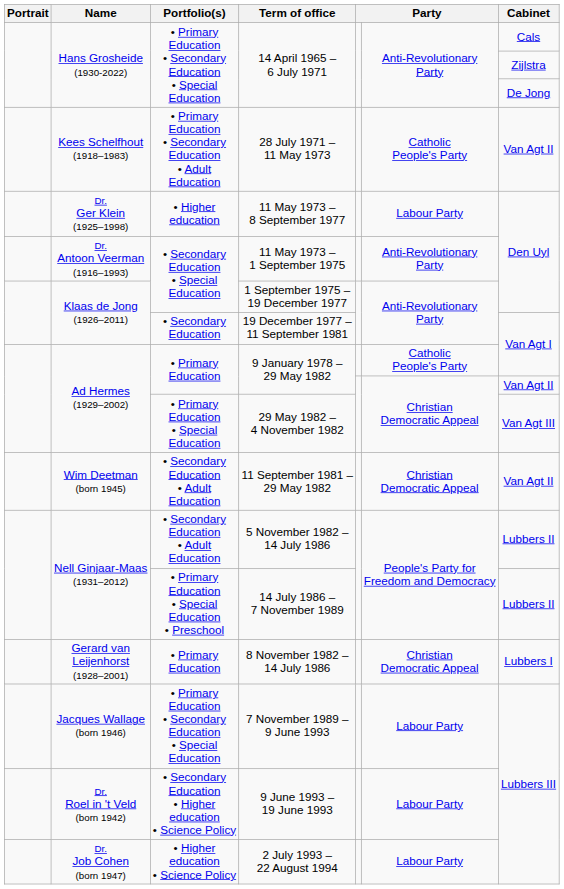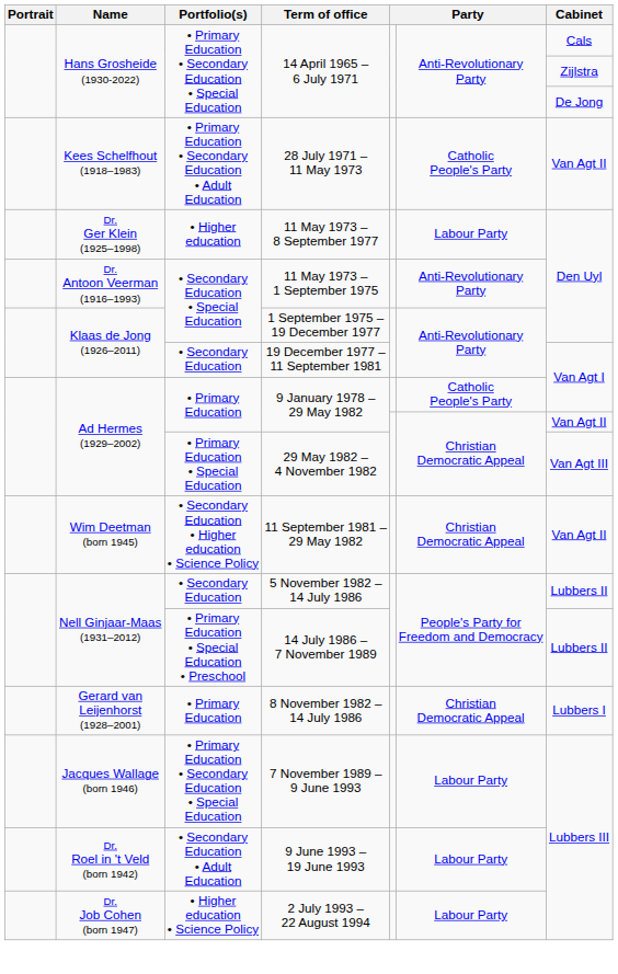 <table class="wikitable" style="text-align:center">
 <tr>
 <th>Portrait</th>
 <th>Name <br> </th>
 <th>Portfolio(s)</th>
 <th>Term of office</th>
 <th colspan=2>Party</th>
 <th>Cabinet</th>
 </tr>
 <tr>
 <td rowspan=3></td>
 <td rowspan=3><a href='#'>Hans Grosheide</a> <br> <small>(1930-2022)</small></td>
 <td rowspan=3>• <a href='#'>Primary <br> Education</a> <br> • <a href='#'>Secondary <br> Education</a> <br> • <a href='#'>Special <br> Education</a></td>
 <td rowspan=3>14 April 1965 – <br> 6 July 1971</td>
 <td rowspan=3 style="background:"></td>
 <td rowspan=3><a href='#'>Anti-Revolutionary <br> Party</a></td>
 <td><a href='#'>Cals</a> <br></td>
 </tr>
 <tr>
 <td><a href='#'>Zijlstra</a> <br></td>
 </tr>
 <tr>
 <td><a href='#'>De Jong</a> <br></td>
 </tr>
 <tr>
 <td></td>
 <td><a href='#'>Kees Schelfhout</a> <br> <small>(1918–1983)</small></td>
 <td>• <a href='#'>Primary <br> Education</a> <br> • <a href='#'>Secondary <br> Education</a> <br> • <a href='#'>Adult <br> Education</a></td>
 <td>28 July 1971 – <br> 11 May 1973</td>
 <td style="background:"></td>
 <td><a href='#'>Catholic <br> People's Party</a></td>
 <td><a href='#'>Van Agt II</a> <br></td>
 </tr>
 <tr>
 <td></td>
 <td><small><a href='#'>Dr.</a></small> <br> <a href='#'>Ger Klein</a> <br> <small>(1925–1998)</small></td>
 <td>• <a href='#'>Higher <br> education</a></td>
 <td>11 May 1973 – <br> 8 September 1977 <br> </td>
 <td style="background:"></td>
 <td><a href='#'>Labour Party</a></td>
 <td rowspan=3><a href='#'>Den Uyl</a> <br></td>
 </tr>
 <tr>
 <td></td>
 <td><small><a href='#'>Dr.</a></small> <br> <a href='#'>Antoon Veerman</a> <br> <small>(1916–1993)</small></td>
 <td rowspan=2>• <a href='#'>Secondary <br> Education</a> <br> • <a href='#'>Special <br> Education</a></td>
 <td>11 May 1973 – <br> 1 September 1975 <br> </td>
 <td style="background:"></td>
 <td><a href='#'>Anti-Revolutionary <br> Party</a></td>
 </tr>
 <tr>
 <td rowspan=2></td>
 <td rowspan=2><a href='#'>Klaas de Jong</a> <br> <small>(1926–2011)</small></td>
 <td>1 September 1975 – <br> 19 December 1977</td>
 <td rowspan=2 style="background:"></td>
 <td rowspan=2><a href='#'>Anti-Revolutionary <br> Party</a></td>
 </tr>
 <tr>
 <td>• <a href='#'>Secondary <br> Education</a></td>
 <td>19 December 1977 – <br> 11 September 1981</td>
 <td rowspan=2><a href='#'>Van Agt I</a> <br></td>
 </tr>
 <tr>
 <td rowspan=3></td>
 <td rowspan=3><a href='#'>Ad Hermes</a> <br> <small>(1929–2002)</small></td>
 <td rowspan=2>• <a href='#'>Primary <br> Education</a></td>
 <td rowspan=2>9 January 1978 – <br> 29 May 1982</td>
 <td style="background:"></td>
 <td><a href='#'>Catholic <br> People's Party</a></td>
 </tr>
 <tr>
 <td rowspan=2 style="background:"></td>
 <td rowspan=2><a href='#'>Christian <br> Democratic Appeal</a></td>
 <td><a href='#'>Van Agt II</a> <br></td>
 </tr>
 <tr>
 <td>• <a href='#'>Primary <br> Education</a> <br> • <a href='#'>Special <br> Education</a></td>
 <td>29 May 1982 – <br> 4 November 1982</td>
 <td><a href='#'>Van Agt III</a> <br></td>
 </tr>
 <tr>
 <td></td>
 <td><a href='#'>Wim Deetman</a> <br> <small>(born 1945)</small></td>
-<td>• <a href='#'>Secondary <br> Education</a> <br> • <a href='#'>Adult <br> Education</a></td>
+<td>• <a href='#'>Secondary <br> Education</a> <br> • <a href='#'>Higher <br> education</a> <br> • <a href='#'>Science Policy</a></td>
 <td>11 September 1981 – <br> 29 May 1982</td>
 <td style="background:"></td>
 <td><a href='#'>Christian <br> Democratic Appeal</a></td>
 <td><a href='#'>Van Agt II</a> <br></td>
 </tr>
 <tr>
 <td rowspan=2></td>
 <td rowspan=2><a href='#'>Nell Ginjaar-Maas</a> <br> <small>(1931–2012)</small></td>
-<td>• <a href='#'>Secondary <br> Education</a> <br> • <a href='#'>Adult <br> Education</a></td>
+<td>• <a href='#'>Secondary <br> Education</a></td>
 <td>5 November 1982 – <br> 14 July 1986</td>
 <td rowspan=2 style="background:"></td>
 <td rowspan=2><a href='#'>People's Party for <br> Freedom and Democracy</a></td>
 <td><a href='#'>Lubbers II</a> <br></td>
 </tr>
 <tr>
 <td>• <a href='#'>Primary <br> Education</a> <br> • <a href='#'>Special <br> Education</a> <br> • <a href='#'>Preschool</a></td>
 <td>14 July 1986 – <br> 7 November 1989</td>
 <td><a href='#'>Lubbers II</a> <br></td>
 </tr>
 <tr>
 <td></td>
 <td><a href='#'>Gerard van <br> Leijenhorst</a> <br> <small>(1928–2001)</small></td>
 <td>• <a href='#'>Primary <br> Education</a></td>
 <td>8 November 1982 – <br> 14 July 1986</td>
 <td style="background:"></td>
 <td><a href='#'>Christian <br> Democratic Appeal</a></td>
 <td><a href='#'>Lubbers I</a> <br></td>
 </tr>
 <tr>
 <td></td>
 <td><a href='#'>Jacques Wallage</a> <br> <small>(born 1946)</small></td>
 <td>• <a href='#'>Primary <br> Education</a> <br> • <a href='#'>Secondary <br> Education</a> <br> • <a href='#'>Special <br> Education</a></td>
 <td>7 November 1989 – <br> 9 June 1993 <br> </td>
 <td style="background:"></td>
 <td><a href='#'>Labour Party</a></td>
 <td rowspan=3><a href='#'>Lubbers III</a> <br></td>
 </tr>
 <tr>
 <td></td>
 <td><small><a href='#'>Dr.</a></small> <br> <a href='#'>Roel in 't Veld</a> <br> <small>(born 1942)</small></td>
-<td>• <a href='#'>Secondary <br> Education</a> <br> • <a href='#'>Higher <br> education</a> <br> • <a href='#'>Science Policy</a></td>
+<td>• <a href='#'>Secondary <br> Education</a> <br> • <a href='#'>Adult <br> Education</a></td>
 <td>9 June 1993 – <br> 19 June 1993 <br> </td>
 <td style="background:"></td>
 <td><a href='#'>Labour Party</a></td>
 </tr>
 <tr>
 <td></td>
 <td><small><a href='#'>Dr.</a></small> <br> <a href='#'>Job Cohen</a> <br> <small>(born 1947)</small></td>
 <td>• <a href='#'>Higher <br> education</a> <br> • <a href='#'>Science Policy</a></td>
 <td>2 July 1993 – <br> 22 August 1994</td>
 <td style="background:"></td>
 <td><a href='#'>Labour Party</a></td>
 </tr>
 </table>
